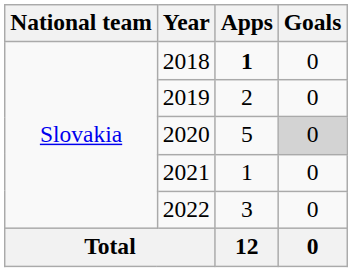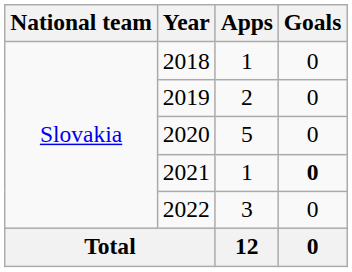 <table class="wikitable" style="text-align:center">
 <tr>
 <th>National team</th>
 <th>Year</th>
 <th>Apps</th>
 <th>Goals</th>
 </tr>
 <tr>
 <td rowspan="5"><a href='#'>Slovakia</a></td>
 <td>2018</td>
-<td><strong>1</strong></td>
+<td>1</td>
 <td>0</td>
 </tr>
 <tr>
 <td>2019</td>
 <td>2</td>
 <td>0</td>
 </tr>
 <tr>
 <td>2020</td>
 <td>5</td>
-<td style="background: lightgrey;">0</td>
+<td>0</td>
 </tr>
 <tr>
 <td>2021</td>
 <td>1</td>
-<td>0</td>
+<td><strong>0</strong></td>
 </tr>
 <tr>
 <td>2022</td>
 <td>3</td>
 <td>0</td>
 </tr>
 <tr>
 <th colspan="2">Total</th>
 <th>12</th>
 <th>0</th>
 </tr>
 </table>
